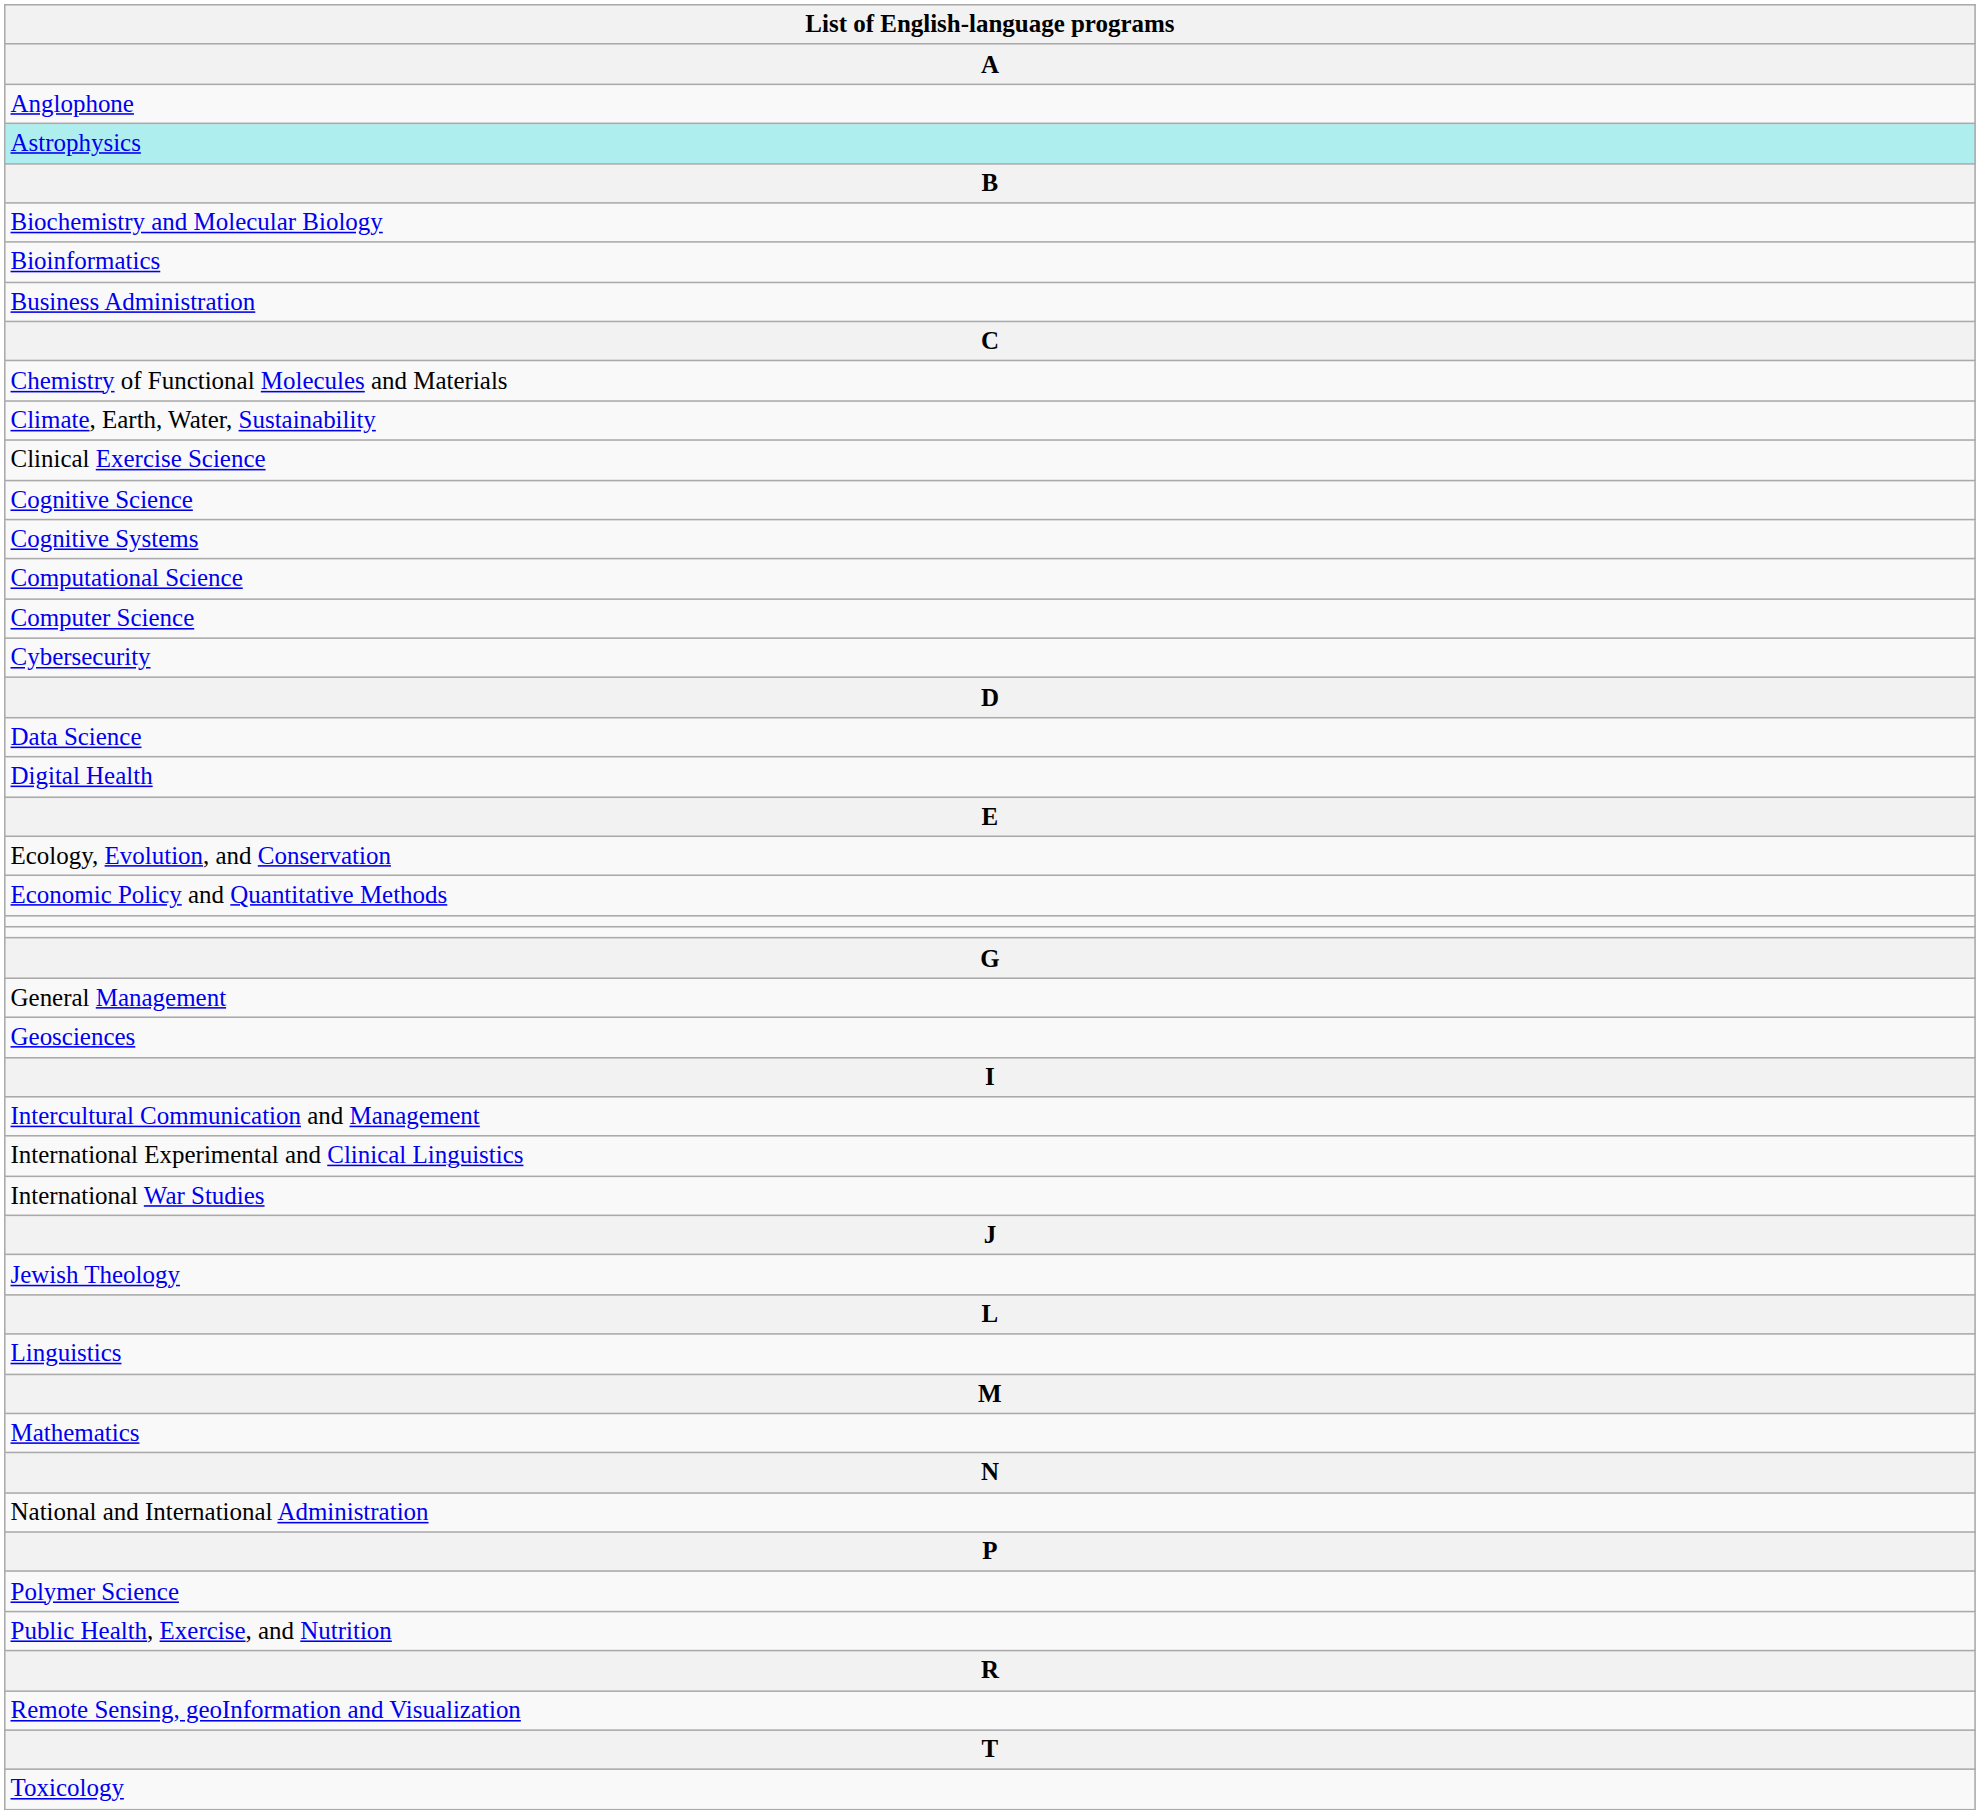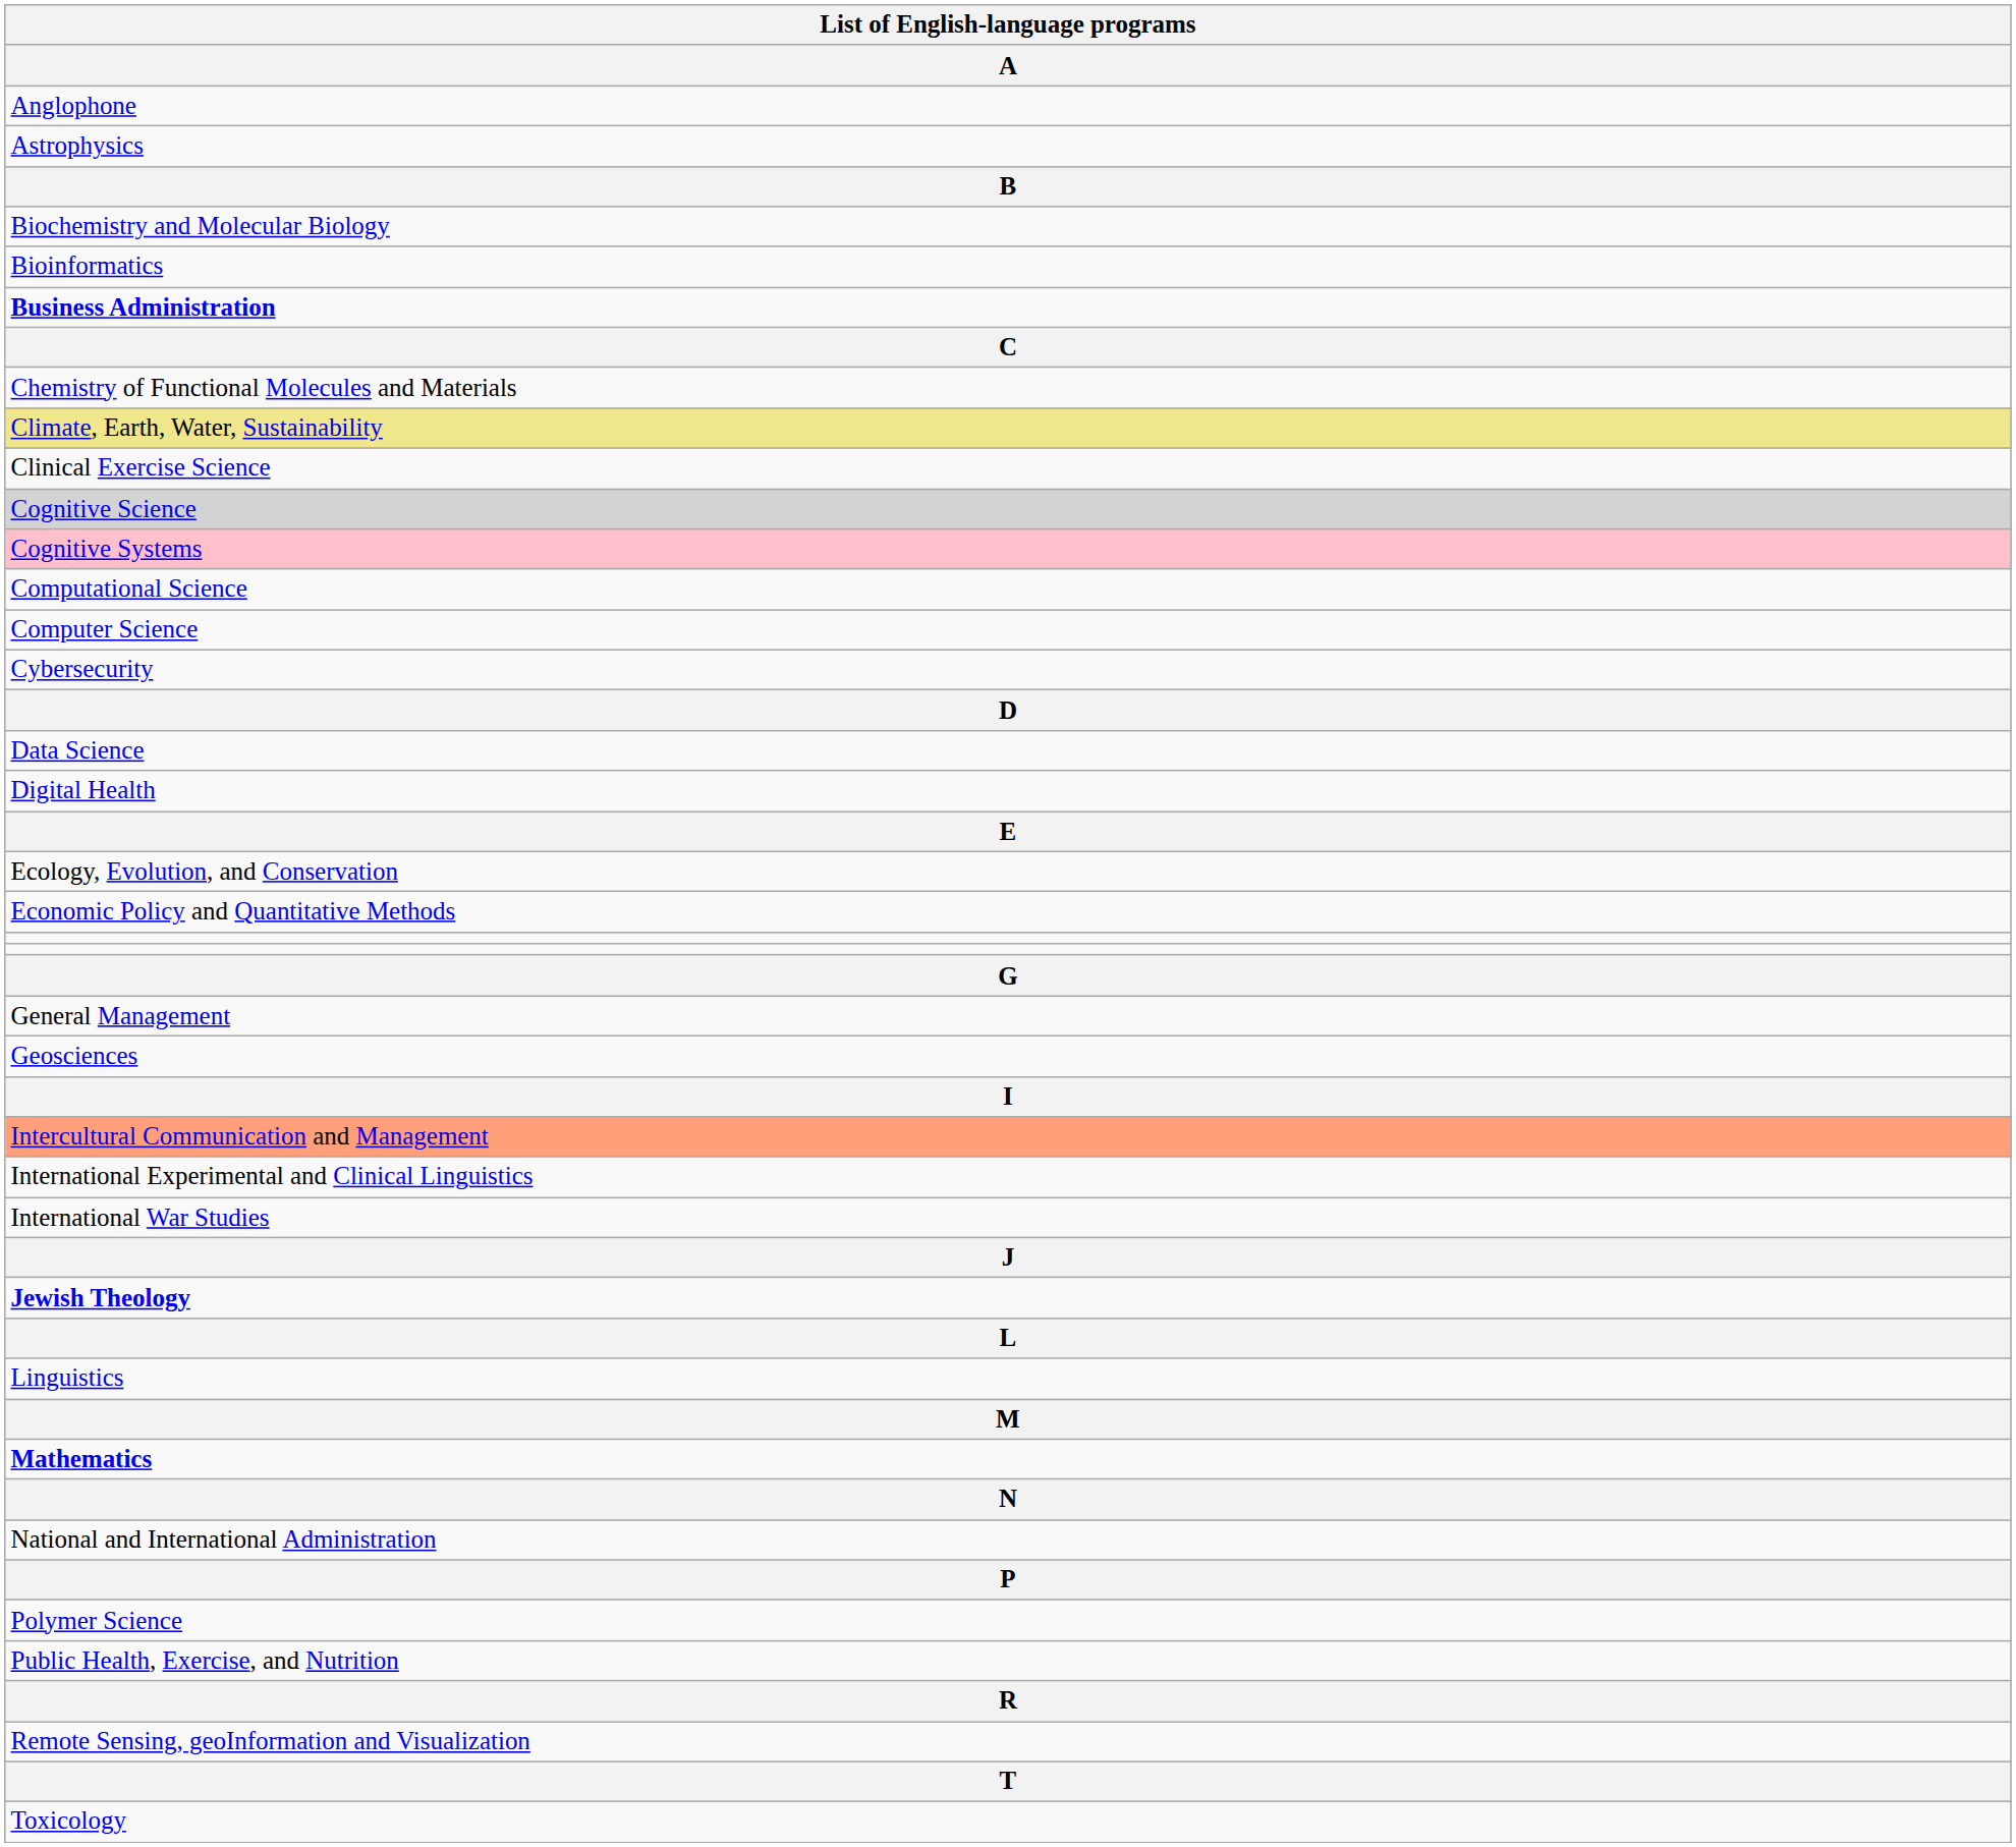 <table class="wikitable  mw-collapsible mw-collapsed" width="100%">
 <tr>
 <th>List of English-language programs</th>
 </tr>
 <tr>
 <th>A</th>
 </tr>
 <tr>
 <td><a href='#'>Anglophone</a></td>
 </tr>
 <tr>
-<td style="background: paleturquoise;"><a href='#'>Astrophysics</a></td>
+<td><a href='#'>Astrophysics</a></td>
 </tr>
 <tr>
 <th>B</th>
 </tr>
 <tr>
 <td><a href='#'>Biochemistry and Molecular Biology</a></td>
 </tr>
 <tr>
 <td><a href='#'>Bioinformatics</a></td>
 </tr>
 <tr>
-<td><a href='#'>Business Administration</a></td>
+<td><strong><a href='#'>Business Administration</a></strong></td>
 </tr>
 <tr>
 <th>C</th>
 </tr>
 <tr>
 <td><a href='#'>Chemistry</a> of Functional <a href='#'>Molecules</a> and Materials</td>
 </tr>
 <tr>
-<td><a href='#'>Climate</a>, Earth, Water, <a href='#'>Sustainability</a></td>
+<td style="background: khaki;"><a href='#'>Climate</a>, Earth, Water, <a href='#'>Sustainability</a></td>
 </tr>
 <tr>
 <td>Clinical <a href='#'>Exercise Science</a></td>
 </tr>
 <tr>
-<td><a href='#'>Cognitive Science</a></td>
+<td style="background: lightgrey;"><a href='#'>Cognitive Science</a></td>
 </tr>
 <tr>
-<td><a href='#'>Cognitive Systems</a></td>
+<td style="background: pink;"><a href='#'>Cognitive Systems</a></td>
 </tr>
 <tr>
 <td><a href='#'>Computational Science</a></td>
 </tr>
 <tr>
 <td><a href='#'>Computer Science</a></td>
 </tr>
 <tr>
 <td><a href='#'>Cybersecurity</a></td>
 </tr>
 <tr>
 <th>D</th>
 </tr>
 <tr>
 <td><a href='#'>Data Science</a></td>
 </tr>
 <tr>
 <td><a href='#'>Digital Health</a></td>
 </tr>
 <tr>
 <th>E</th>
 </tr>
 <tr>
 <td>Ecology, <a href='#'>Evolution</a>, and <a href='#'>Conservation</a></td>
 </tr>
 <tr>
 <td><a href='#'>Economic Policy</a> and <a href='#'>Quantitative Methods</a></td>
 </tr>
 <tr>
 <td></td>
 </tr>
 <tr>
 <td></td>
 </tr>
 <tr>
 <th>G</th>
 </tr>
 <tr>
 <td>General <a href='#'>Management</a></td>
 </tr>
 <tr>
 <td><a href='#'>Geosciences</a></td>
 </tr>
 <tr>
 <th>I</th>
 </tr>
 <tr>
-<td><a href='#'>Intercultural Communication</a> and <a href='#'>Management</a></td>
+<td style="background: lightsalmon;"><a href='#'>Intercultural Communication</a> and <a href='#'>Management</a></td>
 </tr>
 <tr>
 <td>International Experimental and <a href='#'>Clinical Linguistics</a></td>
 </tr>
 <tr>
 <td>International <a href='#'>War Studies</a></td>
 </tr>
 <tr>
 <th>J</th>
 </tr>
 <tr>
-<td><a href='#'>Jewish Theology</a></td>
+<td><strong><a href='#'>Jewish Theology</a></strong></td>
 </tr>
 <tr>
 <th>L</th>
 </tr>
 <tr>
 <td><a href='#'>Linguistics</a></td>
 </tr>
 <tr>
 <th>M</th>
 </tr>
 <tr>
-<td><a href='#'>Mathematics</a></td>
+<td><strong><a href='#'>Mathematics</a></strong></td>
 </tr>
 <tr>
 <th>N</th>
 </tr>
 <tr>
 <td>National and International <a href='#'>Administration</a></td>
 </tr>
 <tr>
 <th>P</th>
 </tr>
 <tr>
 <td><a href='#'>Polymer Science</a></td>
 </tr>
 <tr>
 <td><a href='#'>Public Health</a>, <a href='#'>Exercise</a>, and <a href='#'>Nutrition</a></td>
 </tr>
 <tr>
 <th>R</th>
 </tr>
 <tr>
 <td><a href='#'>Remote Sensing, geoInformation and Visualization</a></td>
 </tr>
 <tr>
 <th>T</th>
 </tr>
 <tr>
 <td><a href='#'>Toxicology</a></td>
 </tr>
 </table>
